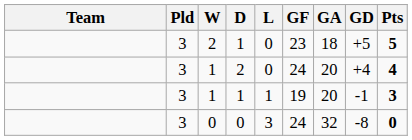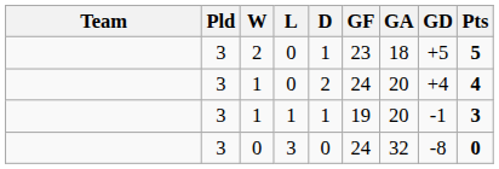 <table class="wikitable" style="text-align:center;">
 <tr>
 <th width=150>Team</th>
 <th width=20>Pld</th>
 <th width=20>W</th>
+<th width=20>L</th>
 <th width=20>D</th>
-<th width=20>L</th>
 <th width=20>GF</th>
 <th width=20>GA</th>
 <th width=20>GD</th>
 <th width=20>Pts</th>
 </tr>
 <tr>
 <td align="left"></td>
 <td>3</td>
 <td>2</td>
+<td>0</td>
 <td>1</td>
-<td>0</td>
 <td>23</td>
 <td>18</td>
 <td>+5</td>
 <td><strong>5</strong></td>
 </tr>
 <tr>
 <td align="left"></td>
 <td>3</td>
 <td>1</td>
+<td>0</td>
 <td>2</td>
-<td>0</td>
 <td>24</td>
 <td>20</td>
 <td>+4</td>
 <td><strong>4</strong></td>
 </tr>
 <tr>
 <td align="left"></td>
 <td>3</td>
 <td>1</td>
 <td>1</td>
 <td>1</td>
 <td>19</td>
 <td>20</td>
 <td>-1</td>
 <td><strong>3</strong></td>
 </tr>
 <tr>
 <td align="left"></td>
 <td>3</td>
 <td>0</td>
+<td>3</td>
 <td>0</td>
-<td>3</td>
 <td>24</td>
 <td>32</td>
 <td>-8</td>
 <td><strong>0</strong></td>
 </tr>
 </table>
